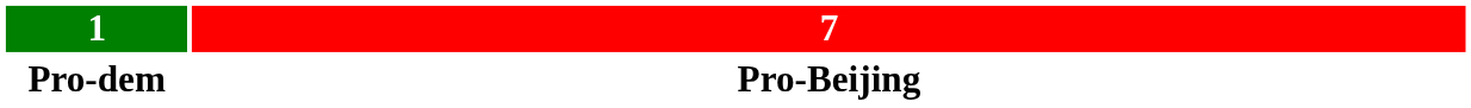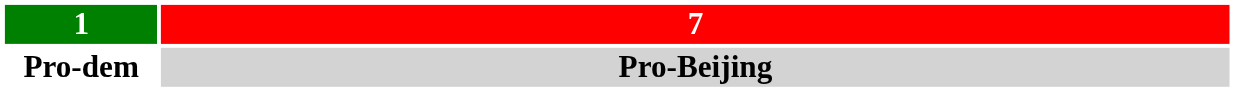 <table style="width:50%; text-align:center;">
 <tr style="color:white;">
 <td style="background:green; width:12.5%;"><strong>1</strong></td>
 <td style="background:red; width:87.5%;"><strong>7</strong></td>
 </tr>
 <tr>
 <td><span><strong>Pro-dem</strong></span></td>
-<td><span><strong>Pro-Beijing</strong></span></td>
+<td style="background: lightgrey;"><span><strong>Pro-Beijing</strong></span></td>
 </tr>
 </table>
